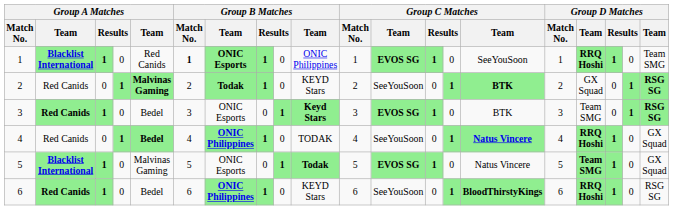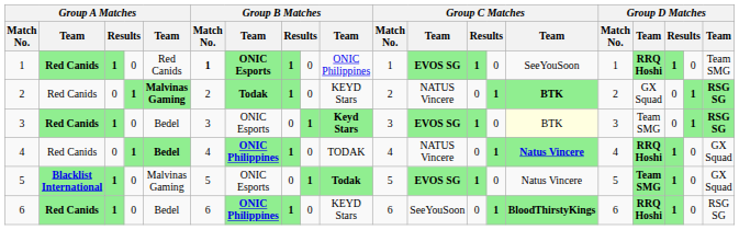 <table class="wikitable" style="text-align: center; width: 200px; height: 200px; margin-left: auto; margin-right: auto; border: none;">
 <tr>
 <th colspan="5"><em>Group A Matches</em></th>
 <th colspan="5"><em>Group B Matches</em></th>
 <th colspan="5"><em>Group C Matches</em></th>
 <th colspan="5"><em>Group D Matches</em></th>
 </tr>
 <tr>
 <th>Match No.</th>
 <th>Team</th>
 <th colspan="2">Results</th>
 <th>Team</th>
 <th>Match No.</th>
 <th>Team</th>
 <th colspan="2">Results</th>
 <th>Team</th>
 <th>Match No.</th>
 <th>Team</th>
 <th colspan="2">Results</th>
 <th>Team</th>
 <th>Match No.</th>
 <th>Team</th>
 <th colspan="2">Results</th>
 <th>Team</th>
 </tr>
 <tr>
 <td>1</td>
-<td bgcolor="#90EE90"><strong><a href='#'>Blacklist International</a> </strong></td>
+<td bgcolor="#90EE90"><strong> Red Canids</strong></td>
 <td bgcolor="#90EE90"><strong>1</strong></td>
 <td>0</td>
 <td> Red Canids</td>
 <td><strong>1</strong></td>
 <td bgcolor="#90EE90"><strong>ONIC Esports </strong></td>
 <td bgcolor="#90EE90"><strong>1</strong></td>
 <td>0</td>
 <td><a href='#'>ONIC Philippines</a></td>
 <td>1</td>
 <td bgcolor="#90EE90"><strong>EVOS SG</strong> </td>
 <td bgcolor="#90EE90"><strong>1</strong></td>
 <td>0</td>
 <td>SeeYouSoon </td>
 <td>1</td>
 <td bgcolor="#90EE90"><strong>RRQ Hoshi</strong></td>
 <td bgcolor="#90EE90"><strong>1</strong></td>
 <td>0</td>
 <td>Team SMG <strong></strong></td>
 </tr>
 <tr>
 <td>2</td>
 <td> Red Canids</td>
 <td>0</td>
 <td bgcolor="#90EE90"><strong>1</strong></td>
 <td bgcolor="#90EE90"><strong>Malvinas Gaming </strong></td>
 <td>2</td>
 <td bgcolor="#90EE90"><strong>Todak </strong></td>
 <td bgcolor="#90EE90"><strong>1</strong></td>
 <td>0</td>
 <td>KEYD Stars </td>
 <td>2</td>
-<td>SeeYouSoon </td>
+<td>NATUS Vincere </td>
 <td>0</td>
 <td bgcolor="#90EE90"><strong>1</strong></td>
 <td bgcolor="#90EE90"><strong>BTK </strong></td>
 <td>2</td>
 <td>GX Squad </td>
 <td>0</td>
 <td bgcolor="#90EE90"><strong>1</strong></td>
 <td bgcolor="#90EE90"><strong>RSG SG </strong></td>
 </tr>
 <tr>
 <td>3</td>
 <td bgcolor="#90EE90"><strong> Red Canids</strong></td>
 <td bgcolor="#90EE90"><strong>1</strong></td>
 <td>0</td>
 <td>Bedel </td>
 <td>3</td>
 <td>ONIC Esports </td>
 <td>0</td>
 <td bgcolor="#90EE90"><strong>1</strong></td>
 <td bgcolor="#90EE90"><strong>Keyd Stars </strong></td>
 <td>3</td>
 <td bgcolor="#90EE90"><strong>EVOS SG</strong> </td>
 <td bgcolor="#90EE90"><strong>1</strong></td>
 <td>0</td>
-<td>BTK </td>
+<td style="background: lightyellow;">BTK </td>
 <td>3</td>
 <td>Team SMG <strong></strong></td>
 <td>0</td>
 <td bgcolor="#90EE90"><strong>1</strong></td>
 <td bgcolor="#90EE90"><strong>RSG SG </strong></td>
 </tr>
 <tr>
 <td>4</td>
 <td> Red Canids</td>
 <td>0</td>
 <td bgcolor="#90EE90"><strong>1</strong></td>
 <td bgcolor="#90EE90"><strong>Bedel </strong></td>
 <td>4</td>
 <td bgcolor="#90EE90"><strong><a href='#'>ONIC Philippines</a></strong></td>
 <td bgcolor="#90EE90"><strong>1</strong></td>
 <td>0</td>
 <td>TODAK </td>
 <td>4</td>
-<td>SeeYouSoon </td>
+<td>NATUS Vincere </td>
 <td>0</td>
 <td bgcolor="#90EE90"><strong>1</strong></td>
 <td bgcolor="#90EE90"><strong><a href='#'>Natus Vincere</a>  </strong></td>
 <td>4</td>
 <td bgcolor="#90EE90"><strong>RRQ Hoshi</strong></td>
 <td bgcolor="#90EE90"><strong>1</strong></td>
 <td>0</td>
 <td>GX Squad </td>
 </tr>
 <tr>
 <td>5</td>
 <td bgcolor="#90EE90"><strong><a href='#'>Blacklist International</a></strong></td>
 <td bgcolor="#90EE90"><strong>1</strong></td>
 <td>0</td>
 <td>Malvinas Gaming </td>
 <td>5</td>
 <td>ONIC Esports </td>
 <td>0</td>
 <td bgcolor="#90EE90"><strong>1</strong></td>
 <td bgcolor="#90EE90"><strong>Todak </strong></td>
 <td>5</td>
 <td bgcolor="#90EE90"><strong>EVOS SG </strong></td>
 <td bgcolor="#90EE90"><strong>1</strong></td>
 <td>0</td>
 <td>Natus Vincere </td>
 <td>5</td>
 <td bgcolor="#90EE90"><strong>Team SMG </strong></td>
 <td bgcolor="#90EE90"><strong>1</strong></td>
 <td>0</td>
 <td>GX Squad </td>
 </tr>
 <tr>
 <td>6</td>
 <td bgcolor="#90EE90"><strong> Red Canids</strong></td>
 <td bgcolor="#90EE90"><strong>1</strong></td>
 <td>0</td>
 <td>Bedel </td>
 <td>6</td>
 <td bgcolor="#90EE90"><strong><a href='#'>ONIC Philippines</a></strong></td>
 <td bgcolor="#90EE90"><strong>1</strong></td>
 <td>0</td>
 <td>KEYD Stars </td>
 <td>6</td>
 <td>SeeYouSoon </td>
 <td>0</td>
 <td bgcolor="#90EE90"><strong>1</strong></td>
 <td bgcolor="#90EE90"><strong>BloodThirstyKings </strong></td>
 <td>6</td>
 <td bgcolor="#90EE90"><strong>RRQ Hoshi</strong></td>
 <td bgcolor="#90EE90"><strong>1</strong></td>
 <td>0</td>
 <td>RSG SG </td>
 </tr>
 </table>
